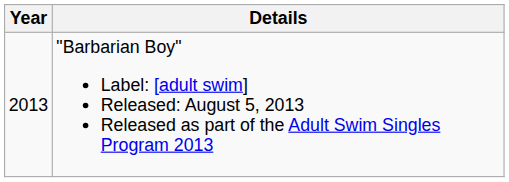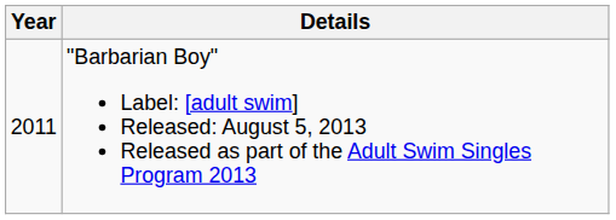 <table class="wikitable">
 <tr>
 <th>Year</th>
 <th width="400">Details</th>
 </tr>
 <tr>
-<td>2013</td>
+<td>2011</td>
 <td>"Barbarian Boy"<br><ul><li>Label: <a href='#'>[adult swim</a>]</li><li>Released: August 5, 2013</li><li>Released as part of the <a href='#'>Adult Swim Singles Program 2013</a></li></ul></td>
 </tr>
 </table>
